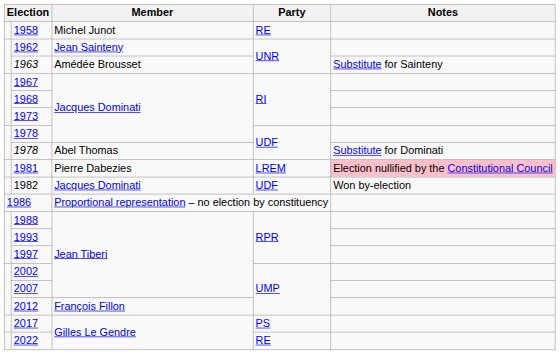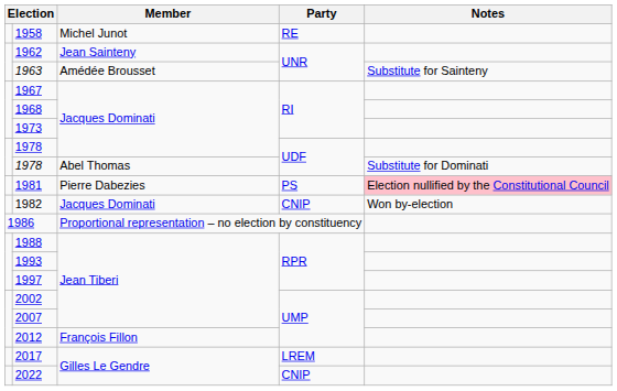 <table class="wikitable">
 <tr>
 <th colspan="2">Election</th>
 <th>Member</th>
 <th>Party</th>
 <th>Notes</th>
 </tr>
 <tr>
 <td style="color:inherit;background:"></td>
 <td><a href='#'>1958</a></td>
 <td>Michel Junot</td>
 <td><a href='#'>RE</a></td>
 <td></td>
 </tr>
 <tr>
 <td rowspan="2" style="color:inherit;background:"></td>
 <td><a href='#'>1962</a></td>
 <td><a href='#'>Jean Sainteny</a></td>
 <td rowspan="2"><a href='#'>UNR</a></td>
 <td></td>
 </tr>
 <tr>
 <td><em>1963</em></td>
 <td>Amédée Brousset</td>
 <td><a href='#'>Substitute</a> for Sainteny</td>
 </tr>
 <tr>
 <td rowspan="3" style="color:inherit;background:"></td>
 <td><a href='#'>1967</a></td>
 <td rowspan="4"><a href='#'>Jacques Dominati</a></td>
 <td rowspan="3"><a href='#'>RI</a></td>
 <td></td>
 </tr>
 <tr>
 <td><a href='#'>1968</a></td>
 <td></td>
 </tr>
 <tr>
 <td><a href='#'>1973</a></td>
 <td></td>
 </tr>
 <tr>
 <td rowspan="2" style="color:inherit;background:"></td>
 <td><a href='#'>1978</a></td>
 <td rowspan="2"><a href='#'>UDF</a></td>
 <td></td>
 </tr>
 <tr>
 <td><em>1978</em></td>
 <td>Abel Thomas</td>
 <td><a href='#'>Substitute</a> for Dominati</td>
 </tr>
 <tr>
 <td style="color:inherit;background:"></td>
 <td><a href='#'>1981</a></td>
 <td>Pierre Dabezies</td>
-<td><a href='#'>LREM</a></td>
+<td><a href='#'>PS</a></td>
 <td style="background: pink;">Election nullified by the <a href='#'>Constitutional Council</a></td>
 </tr>
 <tr>
 <td style="color:inherit;background:"></td>
 <td>1982</td>
 <td><a href='#'>Jacques Dominati</a></td>
-<td><a href='#'>UDF</a></td>
+<td><a href='#'>CNIP</a></td>
 <td>Won by-election</td>
 </tr>
 <tr>
 <td colspan="2"><a href='#'>1986</a></td>
 <td colspan="2"><a href='#'>Proportional representation</a> – no election by constituency</td>
 <td></td>
 </tr>
 <tr>
 <td rowspan="3" style="color:inherit;background:"></td>
 <td><a href='#'>1988</a></td>
 <td rowspan="5"><a href='#'>Jean Tiberi</a></td>
 <td rowspan="3"><a href='#'>RPR</a></td>
 <td></td>
 </tr>
 <tr>
 <td><a href='#'>1993</a></td>
 <td></td>
 </tr>
 <tr>
 <td><a href='#'>1997</a></td>
 <td></td>
 </tr>
 <tr>
 <td rowspan="3" style="color:inherit;background:"></td>
 <td><a href='#'>2002</a></td>
 <td rowspan="3"><a href='#'>UMP</a></td>
 <td></td>
 </tr>
 <tr>
 <td><a href='#'>2007</a></td>
 <td></td>
 </tr>
 <tr>
 <td><a href='#'>2012</a></td>
 <td><a href='#'>François Fillon</a></td>
 <td></td>
 </tr>
 <tr>
 <td style="color:inherit;background:"></td>
 <td><a href='#'>2017</a></td>
 <td rowspan="2"><a href='#'>Gilles Le Gendre</a></td>
-<td><a href='#'>PS</a></td>
+<td><a href='#'>LREM</a></td>
 <td></td>
 </tr>
 <tr>
 <td style="color:inherit;background:"></td>
 <td><a href='#'>2022</a></td>
-<td><a href='#'>RE</a></td>
+<td><a href='#'>CNIP</a></td>
 <td></td>
 </tr>
 </table>
